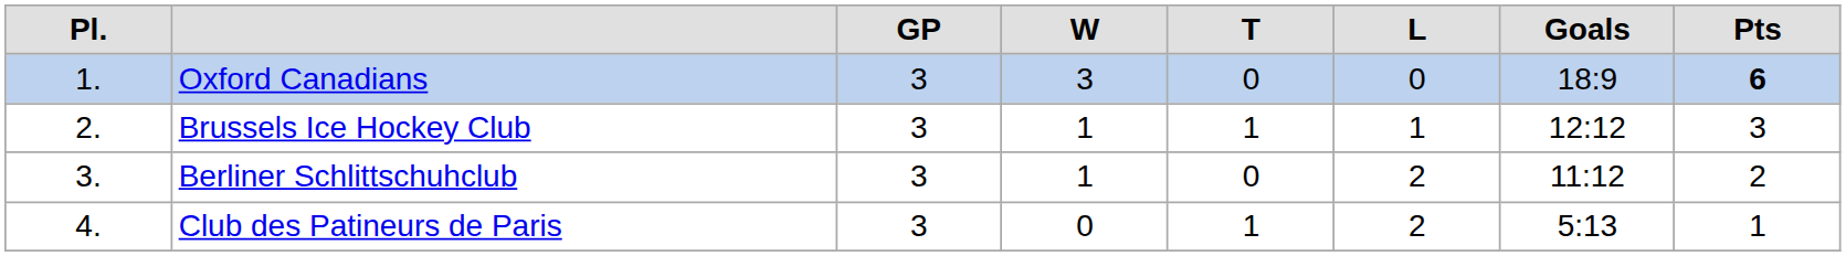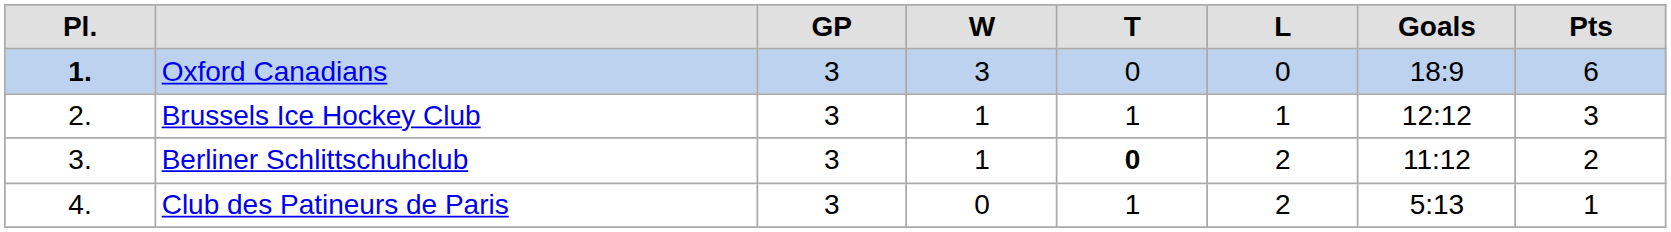 <table class="wikitable" width="60%">
 <tr style="font-weight:bold; background-color:#e0e0e0;" align="center" |>
 <td width="5%">Pl.</td>
 <td width="20%"></td>
 <td width="5%">GP</td>
 <td width="5%">W</td>
 <td width="5%">T</td>
 <td width="5%">L</td>
 <td width="5%">Goals</td>
 <td width="5%">Pts</td>
 </tr>
 <tr align="center" bgcolor="#BCD2EE">
-<td>1.</td>
+<td><strong>1.</strong></td>
 <td align="left"> <a href='#'>Oxford Canadians</a></td>
 <td>3</td>
 <td>3</td>
 <td>0</td>
 <td>0</td>
 <td>18:9</td>
-<td><strong>6</strong></td>
+<td>6</td>
 </tr>
 <tr align="center" bgcolor="#FFFFFF">
 <td>2.</td>
 <td align="left"> <a href='#'>Brussels Ice Hockey Club</a></td>
 <td>3</td>
 <td>1</td>
 <td>1</td>
 <td>1</td>
 <td>12:12</td>
 <td>3</td>
 </tr>
 <tr align="center" bgcolor="#FFFFFF">
 <td>3.</td>
 <td align="left"> <a href='#'>Berliner Schlittschuhclub</a></td>
 <td>3</td>
 <td>1</td>
-<td>0</td>
+<td><strong>0</strong></td>
 <td>2</td>
 <td>11:12</td>
 <td>2</td>
 </tr>
 <tr align="center" bgcolor="#FFFFFF">
 <td>4.</td>
 <td align="left"> <a href='#'>Club des Patineurs de Paris</a></td>
 <td>3</td>
 <td>0</td>
 <td>1</td>
 <td>2</td>
 <td>5:13</td>
 <td>1</td>
 </tr>
 </table>
